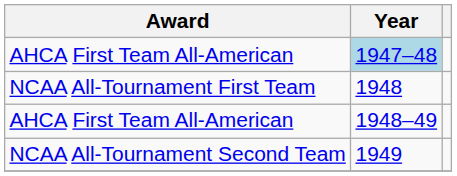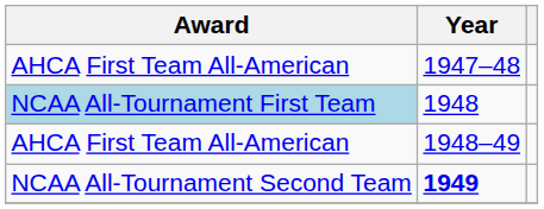 <table class="wikitable">
 <tr>
 <th>Award</th>
 <th>Year</th>
 <th></th>
 </tr>
 <tr>
 <td><a href='#'>AHCA</a> <a href='#'>First Team All-American</a></td>
-<td style="background: lightblue;"><a href='#'>1947–48</a></td>
+<td><a href='#'>1947–48</a></td>
 <td></td>
 </tr>
 <tr>
-<td><a href='#'>NCAA</a> <a href='#'>All-Tournament First Team</a></td>
+<td style="background: lightblue;"><a href='#'>NCAA</a> <a href='#'>All-Tournament First Team</a></td>
 <td><a href='#'>1948</a></td>
 <td></td>
 </tr>
 <tr>
 <td><a href='#'>AHCA</a> <a href='#'>First Team All-American</a></td>
 <td><a href='#'>1948–49</a></td>
 <td></td>
 </tr>
 <tr>
 <td><a href='#'>NCAA</a> <a href='#'>All-Tournament Second Team</a></td>
-<td><a href='#'>1949</a></td>
+<td><strong><a href='#'>1949</a></strong></td>
 <td></td>
 </tr>
 <tr>
 </tr>
 </table>
